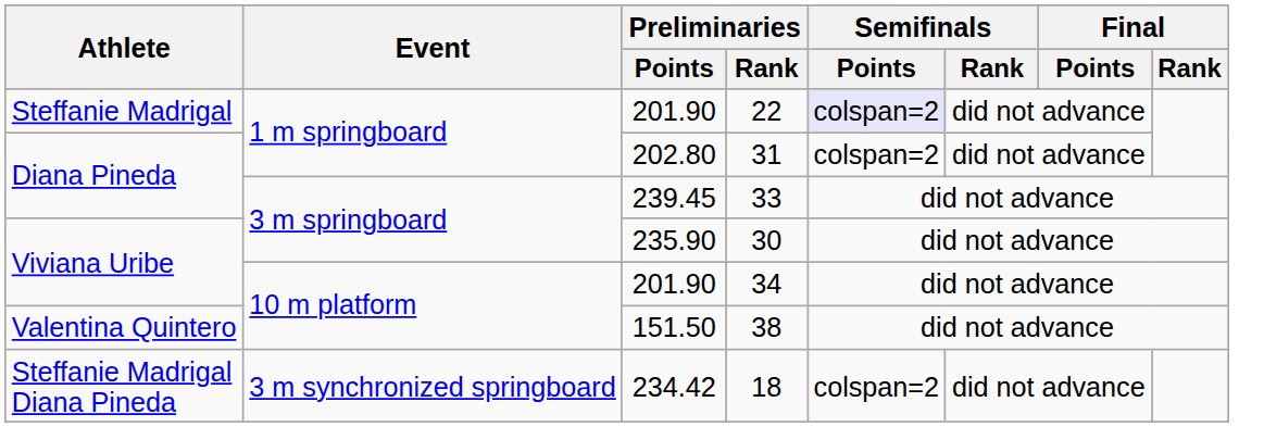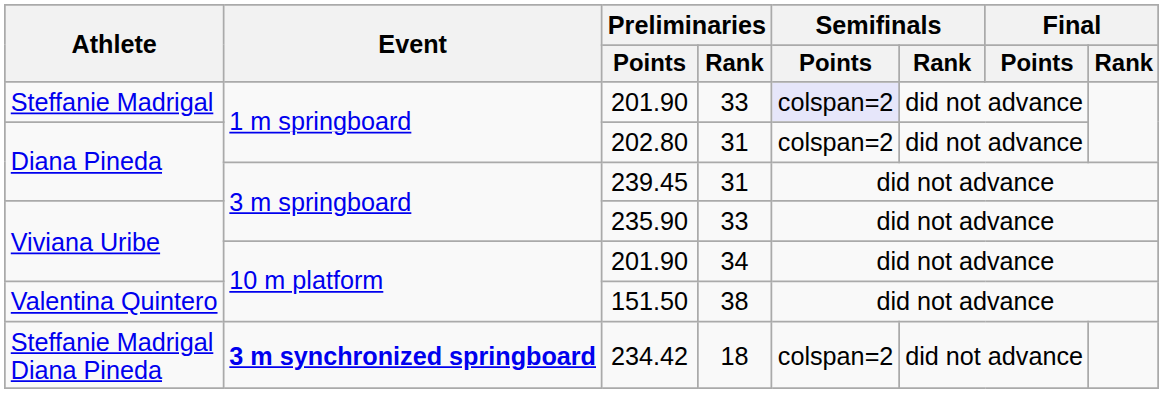 <table class="wikitable" style="text-align:center; font-size:90%">
 <tr>
 <th rowspan=2>Athlete</th>
 <th rowspan=2>Event</th>
 <th colspan=2>Preliminaries</th>
 <th colspan=2>Semifinals</th>
 <th colspan=2>Final</th>
 </tr>
 <tr style="font-size:95%">
 <th>Points</th>
 <th>Rank</th>
 <th>Points</th>
 <th>Rank</th>
 <th>Points</th>
 <th>Rank</th>
 </tr>
 <tr>
 <td align=left><a href='#'>Steffanie Madrigal</a></td>
 <td align=left rowspan=2><a href='#'>1 m springboard</a></td>
 <td>201.90</td>
-<td>22</td>
+<td>33</td>
 <td style="background: lavender;">colspan=2 </td>
 <td colspan=2>did not advance</td>
 </tr>
 <tr>
 <td align=left rowspan=2><a href='#'>Diana Pineda</a></td>
 <td>202.80</td>
 <td>31</td>
 <td>colspan=2 </td>
 <td colspan=2>did not advance</td>
 </tr>
 <tr>
 <td align=left rowspan=2><a href='#'>3 m springboard</a></td>
 <td>239.45</td>
-<td>33</td>
+<td>31</td>
 <td colspan=4>did not advance</td>
 </tr>
 <tr>
 <td align=left rowspan=2><a href='#'>Viviana Uribe</a></td>
 <td>235.90</td>
-<td>30</td>
+<td>33</td>
 <td colspan=4>did not advance</td>
 </tr>
 <tr>
 <td align=left rowspan=2><a href='#'>10 m platform</a></td>
 <td>201.90</td>
 <td>34</td>
 <td colspan=4>did not advance</td>
 </tr>
 <tr>
 <td align=left><a href='#'>Valentina Quintero</a></td>
 <td>151.50</td>
 <td>38</td>
 <td colspan=4>did not advance</td>
 </tr>
 <tr>
 <td align=left><a href='#'>Steffanie Madrigal</a><br><a href='#'>Diana Pineda</a></td>
-<td align=left><a href='#'>3 m synchronized springboard</a></td>
+<td align=left><strong><a href='#'>3 m synchronized springboard</a></strong></td>
 <td>234.42</td>
 <td>18</td>
 <td>colspan=2 </td>
 <td colspan=2>did not advance</td>
 </tr>
 </table>
